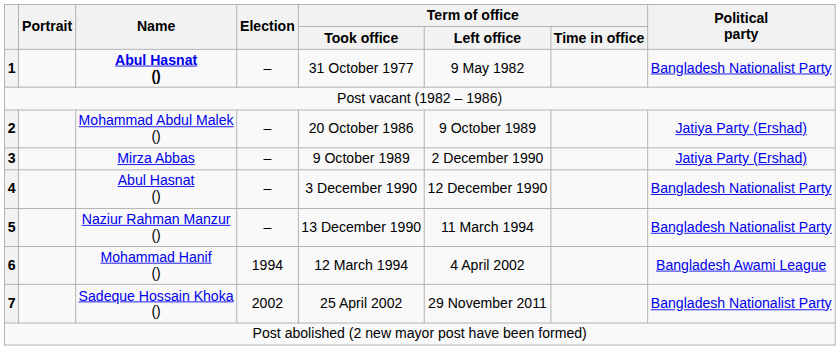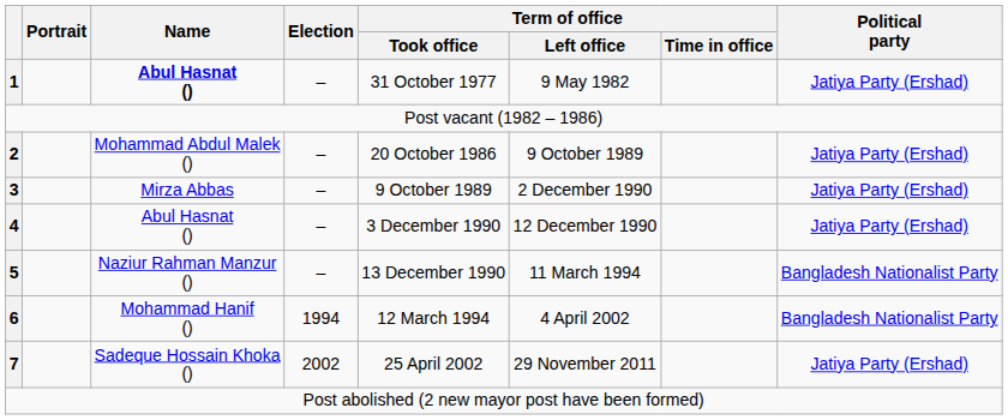 <table class="wikitable" style="text-align:center">
 <tr>
 <th rowspan="2"></th>
 <th rowspan="2">Portrait</th>
 <th rowspan="2">Name<br></th>
 <th rowspan="2">Election</th>
 <th colspan="3"><strong>Term of office</strong></th>
 <th rowspan="2"><strong>Political<br> party</strong></th>
 </tr>
 <tr>
 <th><strong>Took office</strong></th>
 <th><strong>Left office</strong></th>
 <th><strong>Time in office</strong></th>
 </tr>
 <tr>
 <th style="background:">1</th>
 <td></td>
 <td><strong><a href='#'>Abul Hasnat</a><br>()</strong></td>
 <td>–</td>
 <td>31 October 1977</td>
 <td>9 May 1982</td>
 <td></td>
-<td><a href='#'>Bangladesh Nationalist Party</a></td>
+<td><a href='#'>Jatiya Party (Ershad)</a></td>
 </tr>
 <tr>
 <td colspan="8">Post vacant (1982 – 1986)</td>
 </tr>
 <tr>
 <th style="background:">2</th>
 <td></td>
 <td><a href='#'>Mohammad Abdul Malek</a><br>()</td>
 <td>–</td>
 <td>20 October 1986</td>
 <td>9 October 1989</td>
 <td></td>
 <td><a href='#'>Jatiya Party (Ershad)</a></td>
 </tr>
 <tr>
 <th style="background:">3</th>
 <td></td>
 <td><a href='#'>Mirza Abbas</a></td>
 <td>–</td>
 <td>9 October 1989</td>
 <td>2 December 1990</td>
 <td></td>
 <td><a href='#'>Jatiya Party (Ershad)</a></td>
 </tr>
 <tr>
 <th style="background:">4</th>
 <td></td>
 <td><a href='#'>Abul Hasnat</a><br>()</td>
 <td>–</td>
 <td>3 December 1990</td>
 <td>12 December 1990</td>
 <td></td>
-<td><a href='#'>Bangladesh Nationalist Party</a></td>
+<td><a href='#'>Jatiya Party (Ershad)</a></td>
 </tr>
 <tr>
 <th style="background:">5</th>
 <td></td>
 <td><a href='#'>Naziur Rahman Manzur</a><br>()</td>
 <td>–</td>
 <td>13 December 1990</td>
 <td>11 March 1994</td>
 <td></td>
 <td><a href='#'>Bangladesh Nationalist Party</a></td>
 </tr>
 <tr>
 <th style="background:">6</th>
 <td></td>
 <td><a href='#'>Mohammad Hanif</a><br>()</td>
 <td>1994</td>
 <td>12 March 1994</td>
 <td>4 April 2002</td>
 <td></td>
-<td><a href='#'>Bangladesh Awami League</a></td>
+<td><a href='#'>Bangladesh Nationalist Party</a></td>
 </tr>
 <tr>
 <th style="background:">7</th>
 <td></td>
 <td><a href='#'>Sadeque Hossain Khoka</a><br>()</td>
 <td>2002</td>
 <td>25 April 2002</td>
 <td>29 November 2011</td>
 <td></td>
-<td><a href='#'>Bangladesh Nationalist Party</a></td>
+<td><a href='#'>Jatiya Party (Ershad)</a></td>
 </tr>
 <tr>
 <td colspan="8">Post abolished (2 new mayor post have been formed)</td>
 </tr>
 </table>
